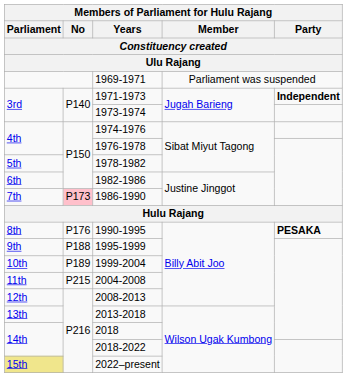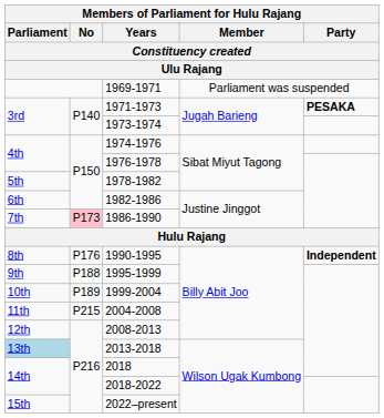 <table class=wikitable>
 <tr>
 <th colspan="5">Members of Parliament for Hulu Rajang</th>
 </tr>
 <tr>
 <th>Parliament</th>
 <th>No</th>
 <th>Years</th>
 <th>Member</th>
 <th>Party</th>
 </tr>
 <tr>
 <th colspan="5" align="center"><em>Constituency created</em></th>
 </tr>
 <tr>
 <th colspan="5" align="center">Ulu Rajang</th>
 </tr>
 <tr>
 <td colspan="2"></td>
 <td>1969-1971</td>
 <td colspan=2 align=center>Parliament was suspended</td>
 </tr>
 <tr>
 <td rowspan=2><a href='#'>3rd</a></td>
 <td rowspan="2">P140</td>
 <td>1971-1973</td>
 <td rowspan=2><a href='#'>Jugah Barieng</a></td>
-<td><strong>Independent</strong></td>
+<td><strong>PESAKA</strong></td>
 </tr>
 <tr>
 <td>1973-1974</td>
 <td></td>
 </tr>
 <tr>
 <td rowspan=2><a href='#'>4th</a></td>
 <td rowspan="4">P150</td>
 <td>1974-1976</td>
 <td rowspan=3>Sibat Miyut Tagong</td>
 <td></td>
 </tr>
 <tr>
 <td>1976-1978</td>
 <td rowspan=4></td>
 </tr>
 <tr>
 <td><a href='#'>5th</a></td>
 <td>1978-1982</td>
 </tr>
 <tr>
 <td><a href='#'>6th</a></td>
 <td>1982-1986</td>
 <td rowspan=2>Justine Jinggot</td>
 </tr>
 <tr>
 <td><a href='#'>7th</a></td>
 <td style="background: pink;">P173</td>
 <td>1986-1990</td>
 </tr>
 <tr>
 <th colspan="5" align="center">Hulu Rajang</th>
 </tr>
 <tr>
 <td><a href='#'>8th</a></td>
 <td>P176</td>
 <td>1990-1995</td>
 <td rowspan=5><a href='#'>Billy Abit Joo</a></td>
-<td><strong>PESAKA</strong></td>
+<td><strong>Independent</strong></td>
 </tr>
 <tr>
 <td><a href='#'>9th</a></td>
 <td>P188</td>
 <td>1995-1999</td>
 <td rowspan=6></td>
 </tr>
 <tr>
 <td><a href='#'>10th</a></td>
 <td>P189</td>
 <td>1999-2004</td>
 </tr>
 <tr>
 <td><a href='#'>11th</a></td>
 <td>P215</td>
 <td>2004-2008</td>
 </tr>
 <tr>
 <td><a href='#'>12th</a></td>
 <td rowspan="5">P216</td>
 <td>2008-2013</td>
 </tr>
 <tr>
-<td><a href='#'>13th</a></td>
+<td style="background: lightblue;"><a href='#'>13th</a></td>
 <td>2013-2018</td>
 <td rowspan="4"><a href='#'>Wilson Ugak Kumbong</a></td>
 </tr>
 <tr>
 <td rowspan=2><a href='#'>14th</a></td>
 <td>2018</td>
 </tr>
 <tr>
 <td>2018-2022</td>
 <td rowspan="2"></td>
 </tr>
 <tr>
-<td style="background: khaki;"><a href='#'>15th</a></td>
+<td><a href='#'>15th</a></td>
 <td>2022–present</td>
 </tr>
 </table>
